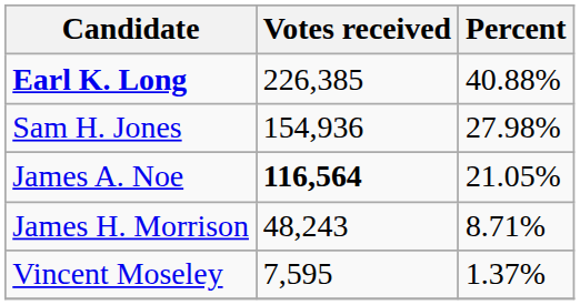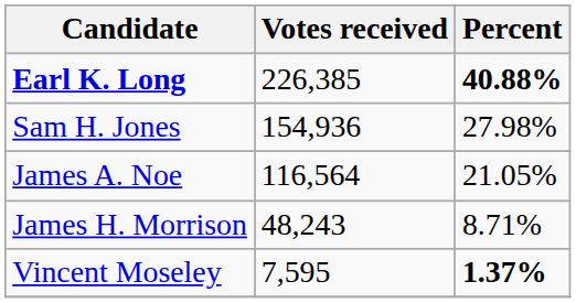 <table class="wikitable">
 <tr>
 <th>Candidate</th>
 <th>Votes received</th>
 <th>Percent</th>
 </tr>
 <tr>
 <td><strong><a href='#'>Earl K. Long</a></strong></td>
 <td>226,385</td>
-<td>40.88%</td>
+<td><strong>40.88%</strong></td>
 </tr>
 <tr>
 <td><a href='#'>Sam H. Jones</a></td>
 <td>154,936</td>
 <td>27.98%</td>
 </tr>
 <tr>
 <td><a href='#'>James A. Noe</a></td>
-<td><strong>116,564</strong></td>
+<td>116,564</td>
 <td>21.05%</td>
 </tr>
 <tr>
 <td><a href='#'>James H. Morrison</a></td>
 <td>48,243</td>
 <td>8.71%</td>
 </tr>
 <tr>
 <td><a href='#'>Vincent Moseley</a></td>
 <td>7,595</td>
-<td>1.37%</td>
+<td><strong>1.37%</strong></td>
 </tr>
 <tr>
 </tr>
 </table>
